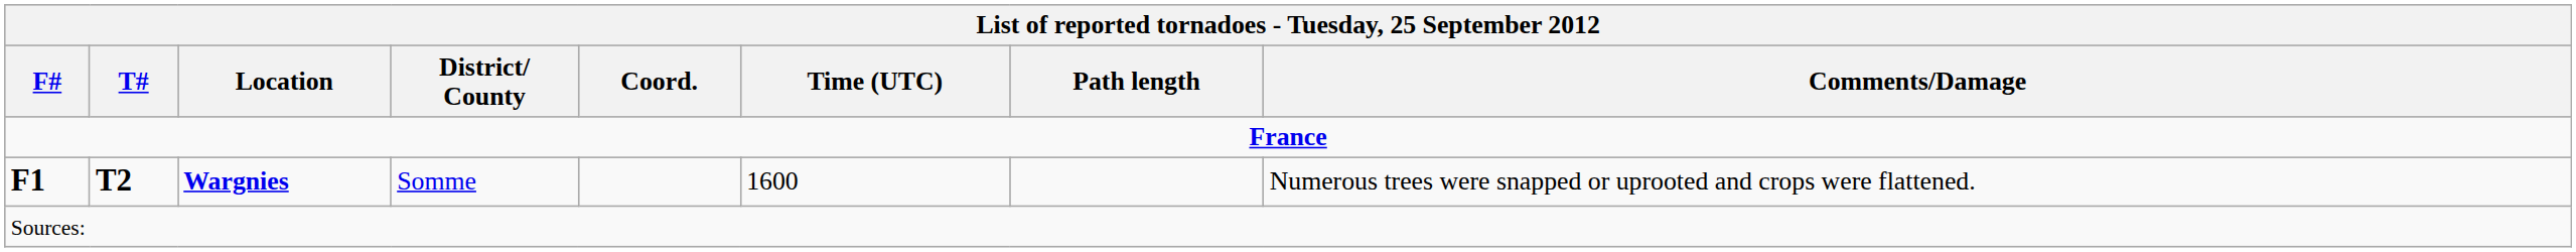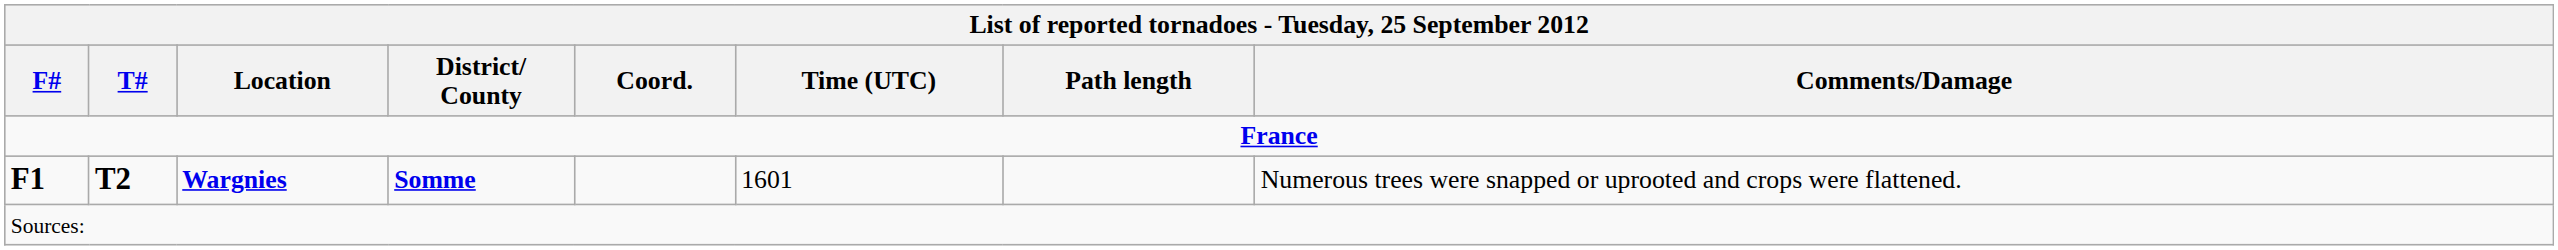 <table class="wikitable collapsible" width="100%">
 <tr>
 <th colspan="8">List of reported tornadoes - Tuesday, 25 September 2012</th>
 </tr>
 <tr>
 <th><a href='#'>F#</a></th>
 <th><a href='#'>T#</a></th>
 <th>Location</th>
 <th>District/<br>County</th>
 <th>Coord.</th>
 <th>Time (UTC)</th>
 <th>Path length</th>
 <th>Comments/Damage</th>
 </tr>
 <tr>
 <td colspan="8" align=center><strong><a href='#'>France</a></strong></td>
 </tr>
 <tr>
 <td><big><strong>F1</strong></big></td>
 <td><big><strong>T2</strong></big></td>
 <td><strong><a href='#'>Wargnies</a></strong></td>
-<td><a href='#'>Somme</a></td>
+<td><strong><a href='#'>Somme</a></strong></td>
 <td></td>
-<td>1600</td>
+<td>1601</td>
 <td></td>
 <td>Numerous trees were snapped or uprooted and crops were flattened.</td>
 </tr>
 <tr>
 <td colspan="8"><small>Sources:  </small></td>
 </tr>
 </table>
